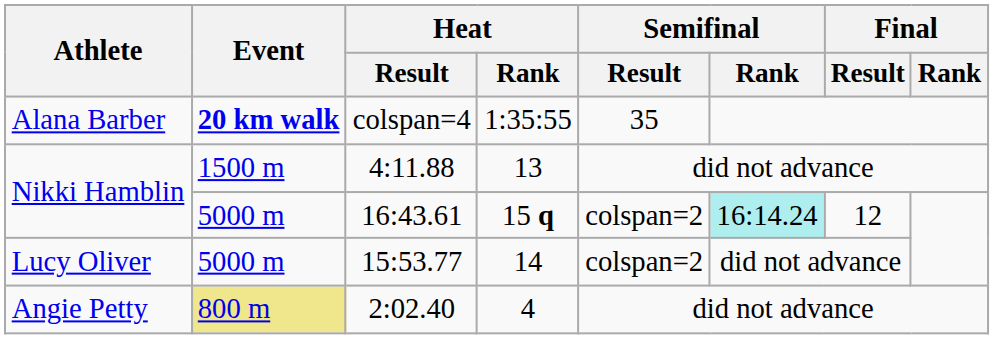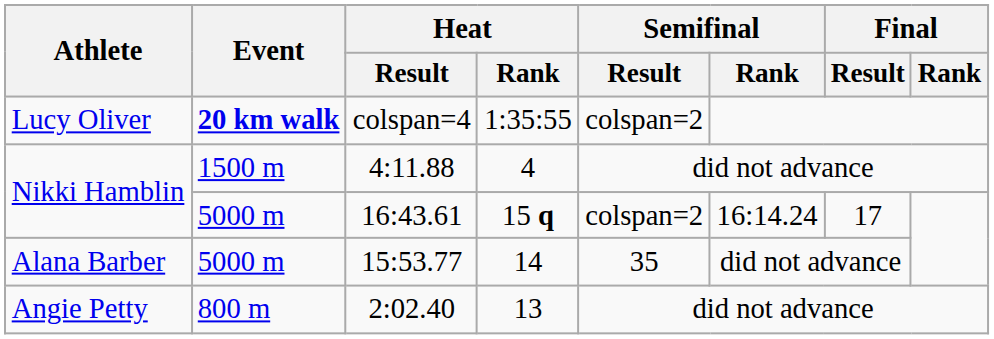 <table class="wikitable" style="font-size:90%">
 <tr>
 <th rowspan="2">Athlete</th>
 <th rowspan="2">Event</th>
 <th colspan="2">Heat</th>
 <th colspan="2">Semifinal</th>
 <th colspan="2">Final</th>
 </tr>
 <tr style="font-size:95%">
 <th>Result</th>
 <th>Rank</th>
 <th>Result</th>
 <th>Rank</th>
 <th>Result</th>
 <th>Rank</th>
 </tr>
 <tr align=center>
-<td align=left><a href='#'>Alana Barber</a></td>
+<td align=left><a href='#'>Lucy Oliver</a></td>
 <td align=left><strong><a href='#'>20 km walk</a></strong></td>
 <td>colspan=4 </td>
 <td>1:35:55</td>
-<td>35</td>
+<td>colspan=2 </td>
 </tr>
 <tr align=center>
 <td align=left rowspan=2><a href='#'>Nikki Hamblin</a></td>
 <td align=left><a href='#'>1500 m</a></td>
 <td>4:11.88</td>
-<td>13</td>
+<td>4</td>
 <td colspan=4>did not advance</td>
 </tr>
 <tr align=center>
 <td align=left><a href='#'>5000 m</a></td>
 <td>16:43.61</td>
 <td>15 <strong>q</strong></td>
 <td>colspan=2 </td>
-<td style="background: paleturquoise;">16:14.24</td>
-<td>12</td>
+<td>16:14.24</td>
+<td>17</td>
 </tr>
 <tr align=center>
-<td align=left><a href='#'>Lucy Oliver</a></td>
+<td align=left><a href='#'>Alana Barber</a></td>
 <td align=left><a href='#'>5000 m</a></td>
 <td>15:53.77</td>
 <td>14</td>
-<td>colspan=2 </td>
+<td>35</td>
 <td colspan=2>did not advance</td>
 </tr>
 <tr align=center>
 <td align=left><a href='#'>Angie Petty</a></td>
-<td align=left style="background: khaki;"><a href='#'>800 m</a></td>
+<td align=left><a href='#'>800 m</a></td>
 <td>2:02.40</td>
-<td>4</td>
+<td>13</td>
 <td colspan=4>did not advance</td>
 </tr>
 </table>
